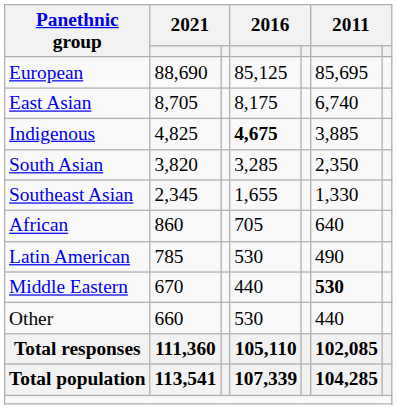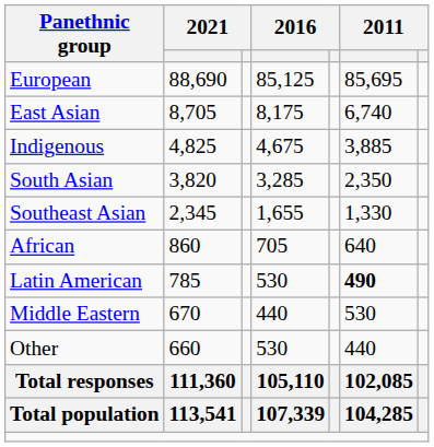 <table class="wikitable collapsible sortable">
 <tr>
 <th rowspan="2"><a href='#'>Panethnic</a><br>group</th>
 <th colspan="2">2021</th>
 <th colspan="2">2016</th>
 <th colspan="2">2011</th>
 </tr>
 <tr>
 <th><a href='#'></a></th>
 <th></th>
 <th></th>
 <th></th>
 <th></th>
 <th></th>
 </tr>
 <tr>
 <td><a href='#'>European</a></td>
 <td>88,690</td>
 <td></td>
 <td>85,125</td>
 <td></td>
 <td>85,695</td>
 <td></td>
 </tr>
 <tr>
 <td><a href='#'>East Asian</a></td>
 <td>8,705</td>
 <td></td>
 <td>8,175</td>
 <td></td>
 <td>6,740</td>
 <td></td>
 </tr>
 <tr>
 <td><a href='#'>Indigenous</a></td>
 <td>4,825</td>
 <td></td>
-<td><strong>4,675</strong></td>
+<td>4,675</td>
 <td></td>
 <td>3,885</td>
 <td></td>
 </tr>
 <tr>
 <td><a href='#'>South Asian</a></td>
 <td>3,820</td>
 <td></td>
 <td>3,285</td>
 <td></td>
 <td>2,350</td>
 <td></td>
 </tr>
 <tr>
 <td><a href='#'>Southeast Asian</a></td>
 <td>2,345</td>
 <td></td>
 <td>1,655</td>
 <td></td>
 <td>1,330</td>
 <td></td>
 </tr>
 <tr>
 <td><a href='#'>African</a></td>
 <td>860</td>
 <td></td>
 <td>705</td>
 <td></td>
 <td>640</td>
 <td></td>
 </tr>
 <tr>
 <td><a href='#'>Latin American</a></td>
 <td>785</td>
 <td></td>
 <td>530</td>
 <td></td>
-<td>490</td>
+<td><strong>490</strong></td>
 <td></td>
 </tr>
 <tr>
 <td><a href='#'>Middle Eastern</a></td>
 <td>670</td>
 <td></td>
 <td>440</td>
 <td></td>
-<td><strong>530</strong></td>
+<td>530</td>
 <td></td>
 </tr>
 <tr>
 <td>Other</td>
 <td>660</td>
 <td></td>
 <td>530</td>
 <td></td>
 <td>440</td>
 <td></td>
 </tr>
 <tr>
 <th>Total responses</th>
 <th>111,360</th>
 <th></th>
 <th>105,110</th>
 <th></th>
 <th>102,085</th>
 <th></th>
 </tr>
 <tr>
 <th>Total population</th>
 <th>113,541</th>
 <th></th>
 <th>107,339</th>
 <th></th>
 <th>104,285</th>
 <th></th>
 </tr>
 <tr class="sortbottom">
 <td colspan="15"></td>
 </tr>
 </table>
